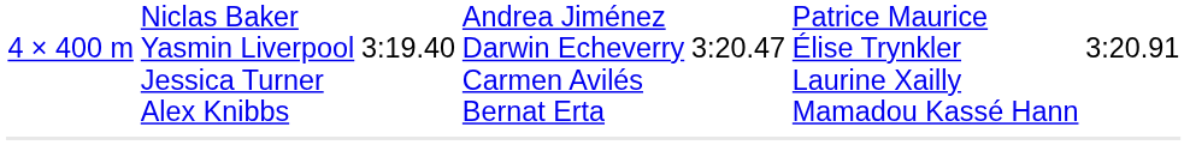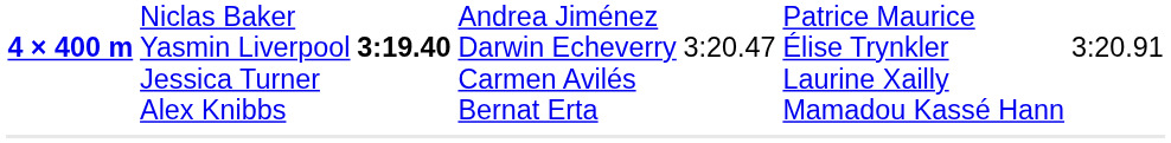 <table>
 <tr>
 </tr>
 <tr>
-<td><a href='#'>4 × 400 m</a></td>
+<td><strong><a href='#'>4 × 400 m</a></strong></td>
 <td><br><a href='#'>Niclas Baker</a><br><a href='#'>Yasmin Liverpool</a><br><a href='#'>Jessica Turner</a><br><a href='#'>Alex Knibbs</a></td>
-<td>3:19.40 </td>
+<td><strong>3:19.40 </strong></td>
 <td><br><a href='#'>Andrea Jiménez</a><br><a href='#'>Darwin Echeverry</a><br><a href='#'>Carmen Avilés</a><br><a href='#'>Bernat Erta</a></td>
 <td>3:20.47 </td>
 <td><br><a href='#'>Patrice Maurice</a><br><a href='#'>Élise Trynkler</a><br><a href='#'>Laurine Xailly</a><br><a href='#'>Mamadou Kassé Hann</a></td>
 <td>3:20.91</td>
 </tr>
 <tr>
 </tr>
 <tr bgcolor= e8e8e8>
 <td colspan=7></td>
 </tr>
 </table>
